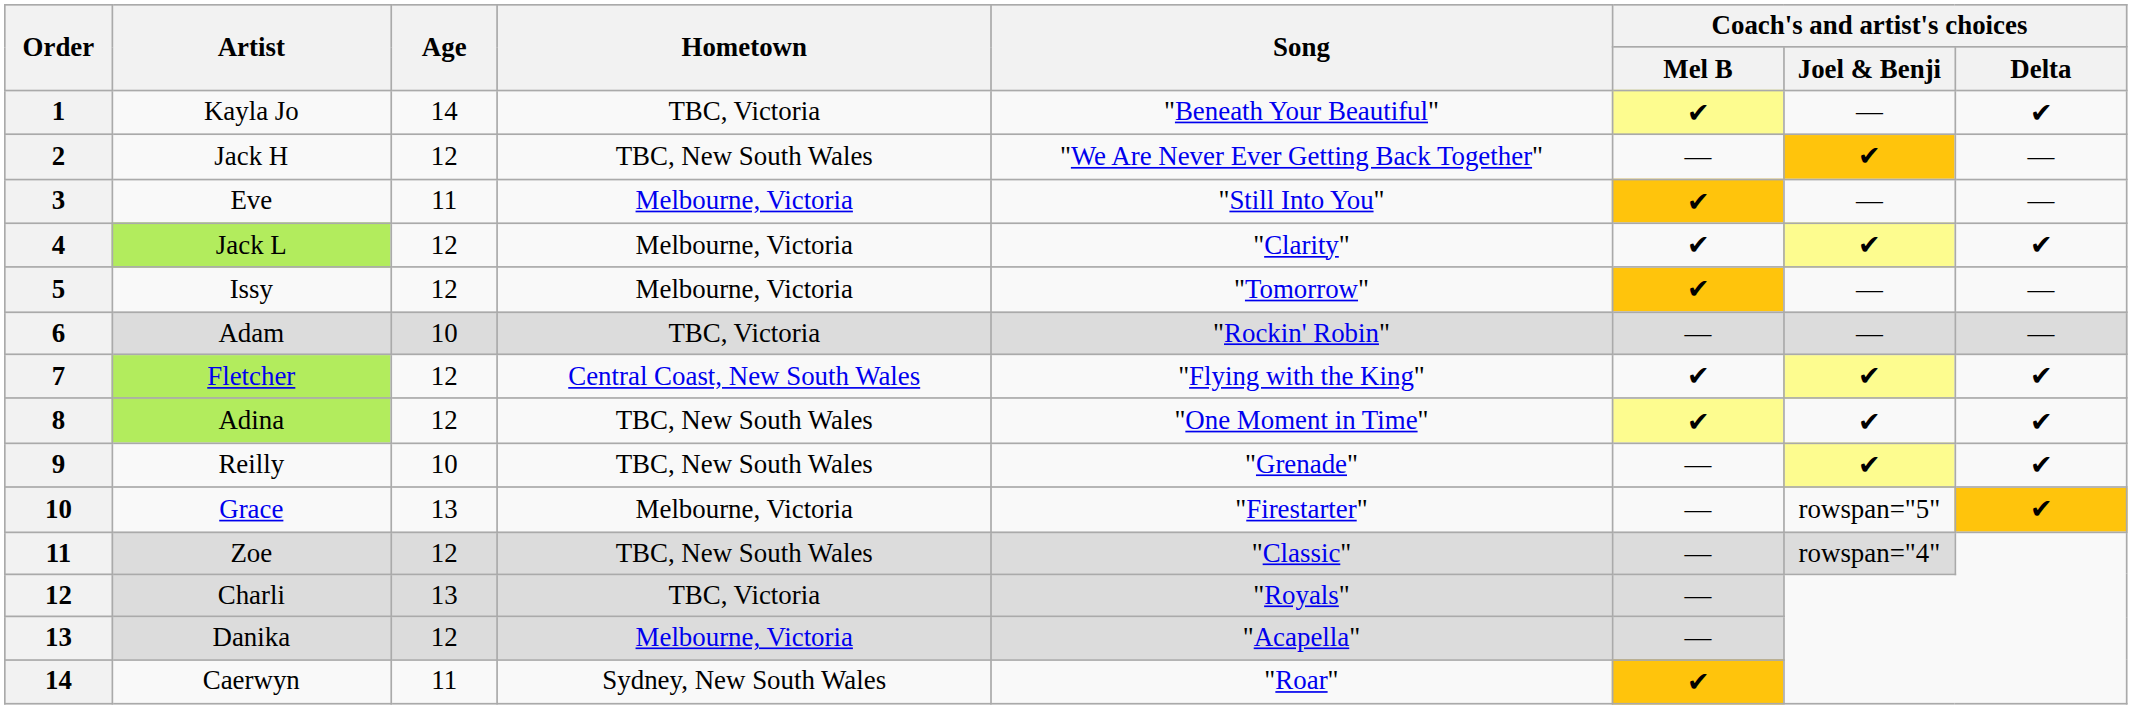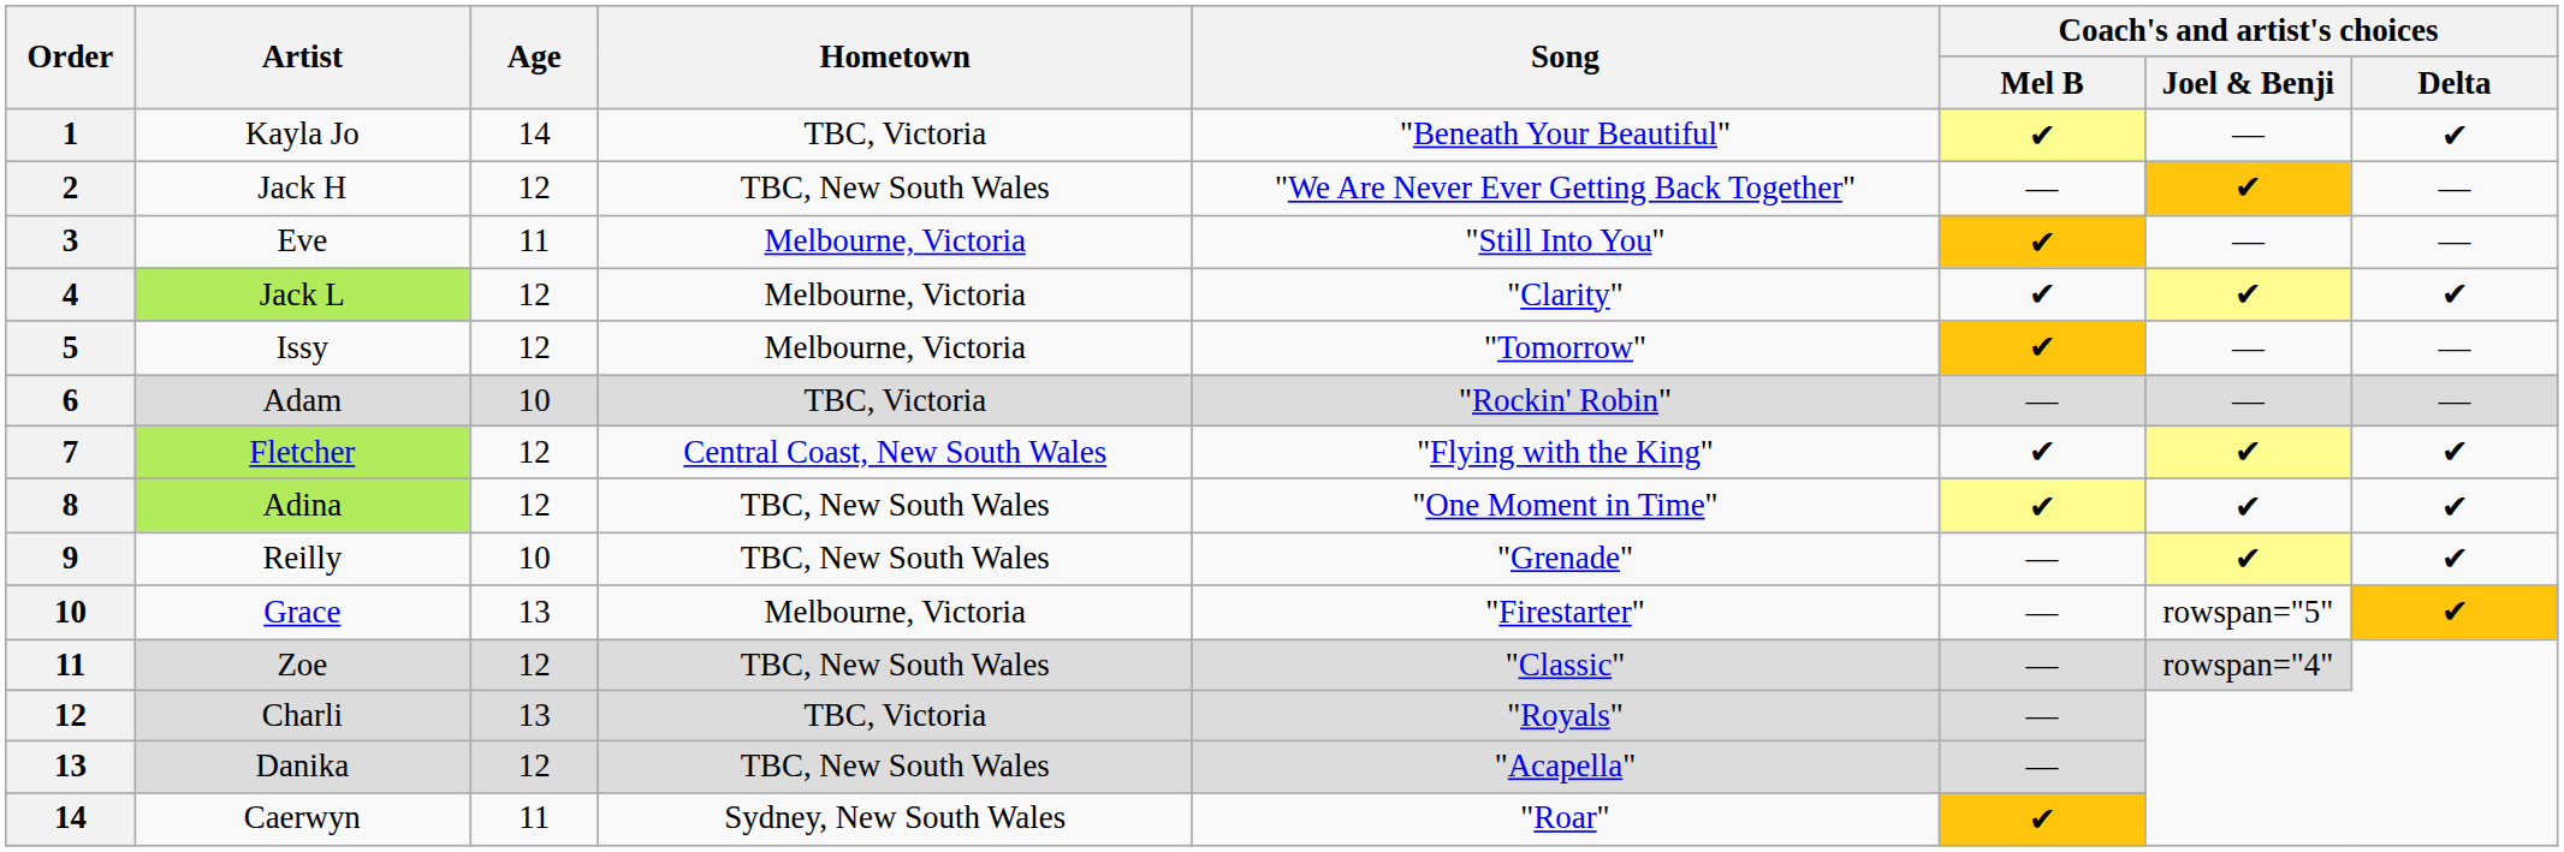 <table class="wikitable" style="text-align:center; width:100%">
 <tr>
 <th scope="col" rowspan="2" style="width:05%">Order</th>
 <th scope="col" rowspan="2" style="width:13%">Artist</th>
 <th scope="col" rowspan="2" style="width:05%">Age</th>
 <th scope="col" rowspan="2" style="width:23%">Hometown</th>
 <th scope="col" rowspan="2" style="width:29%">Song</th>
 <th scope="col" colspan="3" style="width:25%">Coach's and artist's choices</th>
 </tr>
 <tr>
 <th style="width:08%" nowrap>Mel B</th>
 <th style="width:08%">Joel & Benji</th>
 <th style="width:08%">Delta</th>
 </tr>
 <tr>
 <th>1</th>
 <td>Kayla Jo</td>
 <td>14</td>
 <td>TBC, Victoria</td>
 <td>"<a href='#'>Beneath Your Beautiful</a>"</td>
 <td style="background:#fdfc8f">✔</td>
 <td>—</td>
 <td>✔</td>
 </tr>
 <tr>
 <th>2</th>
 <td>Jack H</td>
 <td>12</td>
 <td>TBC, New South Wales</td>
 <td>"<a href='#'>We Are Never Ever Getting Back Together</a>"</td>
 <td>—</td>
 <td style="background:#FFC40C">✔</td>
 <td>—</td>
 </tr>
 <tr>
 <th>3</th>
 <td>Eve</td>
 <td>11</td>
 <td><a href='#'>Melbourne, Victoria</a></td>
 <td>"<a href='#'>Still Into You</a>"</td>
 <td style="background:#FFC40C">✔</td>
 <td>—</td>
 <td>—</td>
 </tr>
 <tr>
 <th>4</th>
 <td style="background:#B2EC5D">Jack L</td>
 <td>12</td>
 <td>Melbourne, Victoria</td>
 <td>"<a href='#'>Clarity</a>"</td>
 <td>✔</td>
 <td style="background:#fdfc8f">✔</td>
 <td>✔</td>
 </tr>
 <tr>
 <th>5</th>
 <td>Issy</td>
 <td>12</td>
 <td>Melbourne, Victoria</td>
 <td>"<a href='#'>Tomorrow</a>"</td>
 <td style="background:#FFC40C">✔</td>
 <td>—</td>
 <td>—</td>
 </tr>
 <tr style="background:#DCDCDC">
 <th>6</th>
 <td>Adam</td>
 <td>10</td>
 <td>TBC, Victoria</td>
 <td>"<a href='#'>Rockin' Robin</a>"</td>
 <td>—</td>
 <td>—</td>
 <td>—</td>
 </tr>
 <tr>
 <th>7</th>
 <td style="background:#B2EC5D"><a href='#'>Fletcher</a></td>
 <td>12</td>
 <td><a href='#'>Central Coast, New South Wales</a></td>
 <td>"<a href='#'>Flying with the King</a>"</td>
 <td>✔</td>
 <td style="background:#fdfc8f">✔</td>
 <td>✔</td>
 </tr>
 <tr>
 <th>8</th>
 <td style="background:#B2EC5D">Adina</td>
 <td>12</td>
 <td>TBC, New South Wales</td>
 <td>"<a href='#'>One Moment in Time</a>"</td>
 <td style="background:#fdfc8f">✔</td>
 <td>✔</td>
 <td>✔</td>
 </tr>
 <tr>
 <th>9</th>
 <td>Reilly</td>
 <td>10</td>
 <td>TBC, New South Wales</td>
 <td>"<a href='#'>Grenade</a>"</td>
 <td>—</td>
 <td style="background:#fdfc8f">✔</td>
 <td>✔</td>
 </tr>
 <tr>
 <th>10</th>
 <td><a href='#'>Grace</a></td>
 <td>13</td>
 <td>Melbourne, Victoria</td>
 <td>"<a href='#'>Firestarter</a>"</td>
 <td>—</td>
 <td>rowspan="5" </td>
 <td style="background:#FFC40C">✔</td>
 </tr>
 <tr style="background:#DCDCDC">
 <th>11</th>
 <td>Zoe</td>
 <td>12</td>
 <td>TBC, New South Wales</td>
 <td>"<a href='#'>Classic</a>"</td>
 <td>—</td>
 <td>rowspan="4" </td>
 </tr>
 <tr style="background:#DCDCDC">
 <th>12</th>
 <td>Charli</td>
 <td>13</td>
 <td>TBC, Victoria</td>
 <td>"<a href='#'>Royals</a>"</td>
 <td>—</td>
 </tr>
 <tr style="background:#DCDCDC">
 <th>13</th>
 <td>Danika</td>
 <td>12</td>
-<td><a href='#'>Melbourne, Victoria</a></td>
+<td>TBC, New South Wales</td>
 <td>"<a href='#'>Acapella</a>"</td>
 <td>—</td>
 </tr>
 <tr>
 <th>14</th>
 <td>Caerwyn</td>
 <td>11</td>
 <td>Sydney, New South Wales</td>
 <td>"<a href='#'>Roar</a>"</td>
 <td style="background:#FFC40C">✔</td>
 </tr>
 </table>
